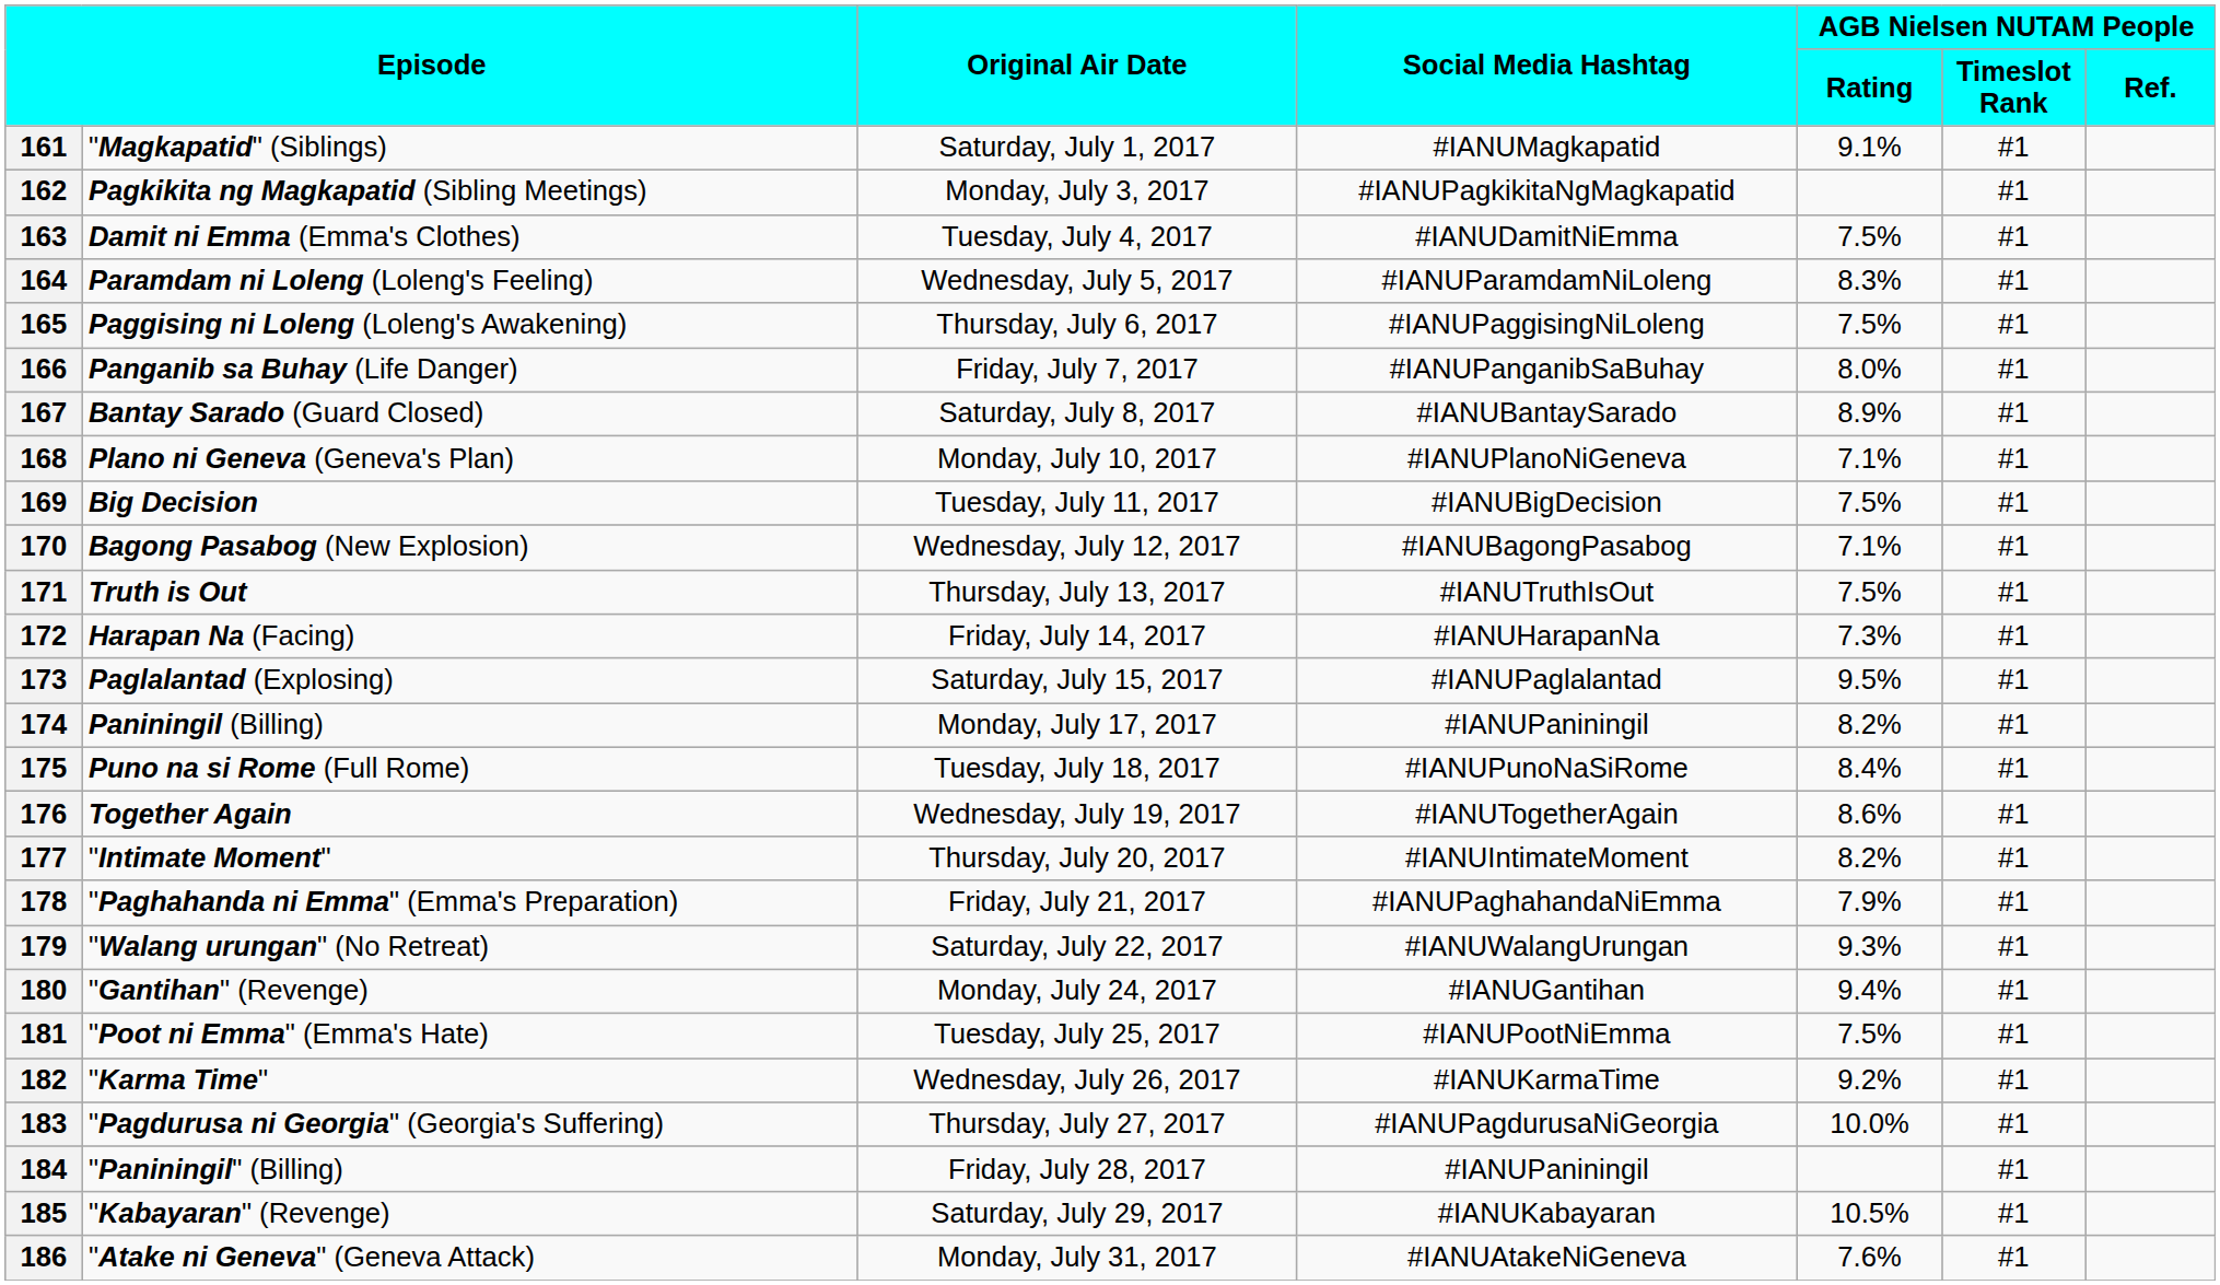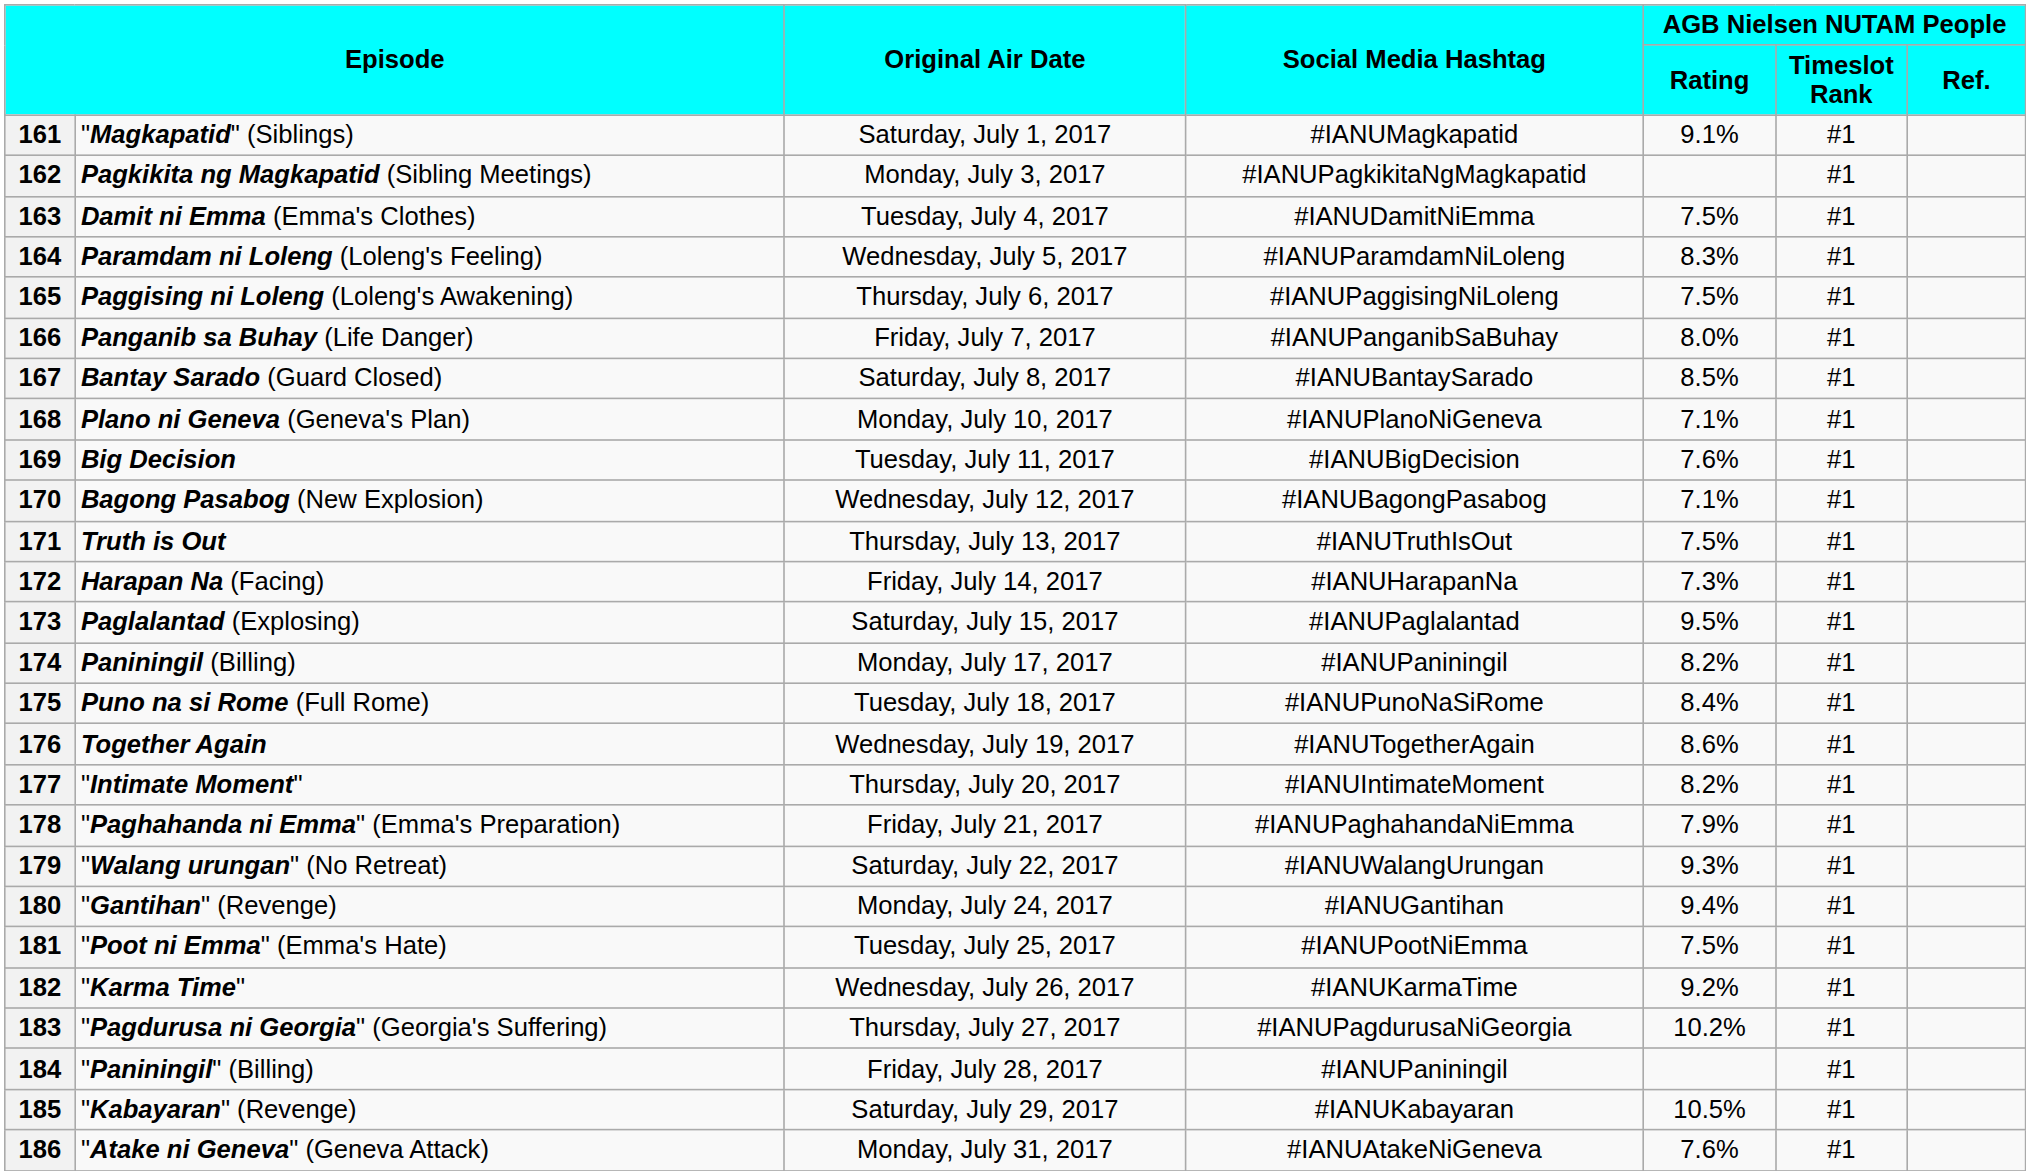 <table class="wikitable" style="text-align:center; font-size:100%; line-height:18px;"  width="100%">
 <tr>
 <th colspan="2" rowspan="2" style="background-color:#00FFFF; color:#000000;">Episode</th>
 <th style="background:#00FFFF; color:black" rowspan="2">Original Air Date</th>
 <th style="background:#00FFFF; color:black" rowspan="2">Social Media Hashtag</th>
 <th style="background-color:#00FFFF; color:#000000;" colspan="3">AGB Nielsen NUTAM People</th>
 </tr>
 <tr>
 <th style="background-color:#00FFFF; width:75px; color:#000000;">Rating</th>
 <th style="background-color:#00FFFF; width:75px; color:#000000;">Timeslot<br>Rank</th>
 <th style="background-color:#00FFFF; color:#000000;">Ref.</th>
 </tr>
 <tr>
 <th>161</th>
 <td style="text-align: left;">"<strong><em>Magkapatid</em></strong>" (Siblings)</td>
 <td>Saturday, July 1, 2017</td>
 <td>#IANUMagkapatid</td>
 <td>9.1%</td>
 <td>#1</td>
 <td></td>
 </tr>
 <tr>
 <th>162</th>
 <td style="text-align: left;"><strong><em>Pagkikita ng Magkapatid</em></strong> (Sibling Meetings)</td>
 <td>Monday, July 3, 2017</td>
 <td>#IANUPagkikitaNgMagkapatid</td>
 <td></td>
 <td>#1</td>
 <td></td>
 </tr>
 <tr>
 <th>163</th>
 <td style="text-align: left;"><strong><em>Damit ni Emma</em></strong> (Emma's Clothes)</td>
 <td>Tuesday, July 4, 2017</td>
 <td>#IANUDamitNiEmma</td>
 <td>7.5%</td>
 <td>#1</td>
 <td></td>
 </tr>
 <tr>
 <th>164</th>
 <td style="text-align: left;"><strong><em>Paramdam ni Loleng</em></strong> (Loleng's Feeling)</td>
 <td>Wednesday, July 5, 2017</td>
 <td>#IANUParamdamNiLoleng</td>
 <td>8.3%</td>
 <td>#1</td>
 <td></td>
 </tr>
 <tr>
 <th>165</th>
 <td style="text-align: left;"><strong><em>Paggising ni Loleng</em></strong> (Loleng's Awakening)</td>
 <td>Thursday, July 6, 2017</td>
 <td>#IANUPaggisingNiLoleng</td>
 <td>7.5%</td>
 <td>#1</td>
 <td></td>
 </tr>
 <tr>
 <th>166</th>
 <td style="text-align: left;"><strong><em>Panganib sa Buhay</em></strong> (Life Danger)</td>
 <td>Friday, July 7, 2017</td>
 <td>#IANUPanganibSaBuhay</td>
 <td>8.0%</td>
 <td>#1</td>
 <td></td>
 </tr>
 <tr>
 <th>167</th>
 <td style="text-align: left;"><strong><em>Bantay Sarado</em></strong> (Guard Closed)</td>
 <td>Saturday, July 8, 2017</td>
 <td>#IANUBantaySarado</td>
-<td>8.9%</td>
+<td>8.5%</td>
 <td>#1</td>
 <td></td>
 </tr>
 <tr>
 <th>168</th>
 <td style="text-align: left;"><strong><em>Plano ni Geneva</em></strong> (Geneva's Plan)</td>
 <td>Monday, July 10, 2017</td>
 <td>#IANUPlanoNiGeneva</td>
 <td>7.1%</td>
 <td>#1</td>
 <td></td>
 </tr>
 <tr>
 <th>169</th>
 <td style="text-align: left;"><strong><em>Big Decision</em></strong></td>
 <td>Tuesday, July 11, 2017</td>
 <td>#IANUBigDecision</td>
-<td>7.5%</td>
+<td>7.6%</td>
 <td>#1</td>
 <td></td>
 </tr>
 <tr>
 <th>170</th>
 <td style="text-align: left;"><strong><em>Bagong Pasabog</em></strong> (New Explosion)</td>
 <td>Wednesday, July 12, 2017</td>
 <td>#IANUBagongPasabog</td>
 <td>7.1%</td>
 <td>#1</td>
 <td></td>
 </tr>
 <tr>
 <th>171</th>
 <td style="text-align: left;"><strong><em>Truth is Out</em></strong></td>
 <td>Thursday, July 13, 2017</td>
 <td>#IANUTruthIsOut</td>
 <td>7.5%</td>
 <td>#1</td>
 <td></td>
 </tr>
 <tr>
 <th>172</th>
 <td style="text-align: left;"><strong><em>Harapan Na</em></strong> (Facing)</td>
 <td>Friday, July 14, 2017</td>
 <td>#IANUHarapanNa</td>
 <td>7.3%</td>
 <td>#1</td>
 <td></td>
 </tr>
 <tr>
 <th>173</th>
 <td style="text-align: left;"><strong><em>Paglalantad</em></strong> (Explosing)</td>
 <td>Saturday, July 15, 2017</td>
 <td>#IANUPaglalantad</td>
 <td>9.5%</td>
 <td>#1</td>
 <td></td>
 </tr>
 <tr>
 <th>174</th>
 <td style="text-align: left;"><strong><em>Paniningil</em></strong> (Billing)</td>
 <td>Monday, July 17, 2017</td>
 <td>#IANUPaniningil</td>
 <td>8.2%</td>
 <td>#1</td>
 <td></td>
 </tr>
 <tr>
 <th>175</th>
 <td style="text-align: left;"><strong><em>Puno na si Rome</em></strong> (Full Rome)</td>
 <td>Tuesday, July 18, 2017</td>
 <td>#IANUPunoNaSiRome</td>
 <td>8.4%</td>
 <td>#1</td>
 <td></td>
 </tr>
 <tr>
 <th>176</th>
 <td style="text-align: left;"><strong><em>Together Again</em></strong></td>
 <td>Wednesday, July 19, 2017</td>
 <td>#IANUTogetherAgain</td>
 <td>8.6%</td>
 <td>#1</td>
 <td></td>
 </tr>
 <tr>
 <th>177</th>
 <td style="text-align: left;">"<strong><em>Intimate Moment</em></strong>"</td>
 <td>Thursday, July 20, 2017</td>
 <td>#IANUIntimateMoment</td>
 <td>8.2%</td>
 <td>#1</td>
 <td></td>
 </tr>
 <tr>
 <th>178</th>
 <td style="text-align: left;">"<strong><em>Paghahanda ni Emma</em></strong>" (Emma's Preparation)</td>
 <td>Friday, July 21, 2017</td>
 <td>#IANUPaghahandaNiEmma</td>
 <td>7.9%</td>
 <td>#1</td>
 <td></td>
 </tr>
 <tr>
 <th>179</th>
 <td style="text-align: left;">"<strong><em>Walang urungan</em></strong>" (No Retreat)</td>
 <td>Saturday, July 22, 2017</td>
 <td>#IANUWalangUrungan</td>
 <td>9.3%</td>
 <td>#1</td>
 <td></td>
 </tr>
 <tr>
 <th>180</th>
 <td style="text-align: left;">"<strong><em>Gantihan</em></strong>" (Revenge)</td>
 <td>Monday, July 24, 2017</td>
 <td>#IANUGantihan</td>
 <td>9.4%</td>
 <td>#1</td>
 <td></td>
 </tr>
 <tr>
 <th>181</th>
 <td style="text-align: left;">"<strong><em>Poot ni Emma</em></strong>" (Emma's Hate)</td>
 <td>Tuesday, July 25, 2017</td>
 <td>#IANUPootNiEmma</td>
 <td>7.5%</td>
 <td>#1</td>
 <td></td>
 </tr>
 <tr>
 <th>182</th>
 <td style="text-align: left;">"<strong><em>Karma Time</em></strong>"</td>
 <td>Wednesday, July 26, 2017</td>
 <td>#IANUKarmaTime</td>
 <td>9.2%</td>
 <td>#1</td>
 <td></td>
 </tr>
 <tr>
 <th>183</th>
 <td style="text-align: left;">"<strong><em>Pagdurusa ni Georgia</em></strong>" (Georgia's Suffering)</td>
 <td>Thursday, July 27, 2017</td>
 <td>#IANUPagdurusaNiGeorgia</td>
-<td>10.0%</td>
+<td>10.2%</td>
 <td>#1</td>
 <td></td>
 </tr>
 <tr>
 <th>184</th>
 <td style="text-align: left;">"<strong><em>Paniningil</em></strong>" (Billing)</td>
 <td>Friday, July 28, 2017</td>
 <td>#IANUPaniningil</td>
 <td></td>
 <td>#1</td>
 <td></td>
 </tr>
 <tr>
 <th>185</th>
 <td style="text-align: left;">"<strong><em>Kabayaran</em></strong>" (Revenge)</td>
 <td>Saturday, July 29, 2017</td>
 <td>#IANUKabayaran</td>
 <td>10.5%</td>
 <td>#1</td>
 <td></td>
 </tr>
 <tr>
 <th>186</th>
 <td style="text-align: left;">"<strong><em>Atake ni Geneva</em></strong>" (Geneva Attack)</td>
 <td>Monday, July 31, 2017</td>
 <td>#IANUAtakeNiGeneva</td>
 <td>7.6%</td>
 <td>#1</td>
 <td></td>
 </tr>
 <tr>
 </tr>
 </table>
